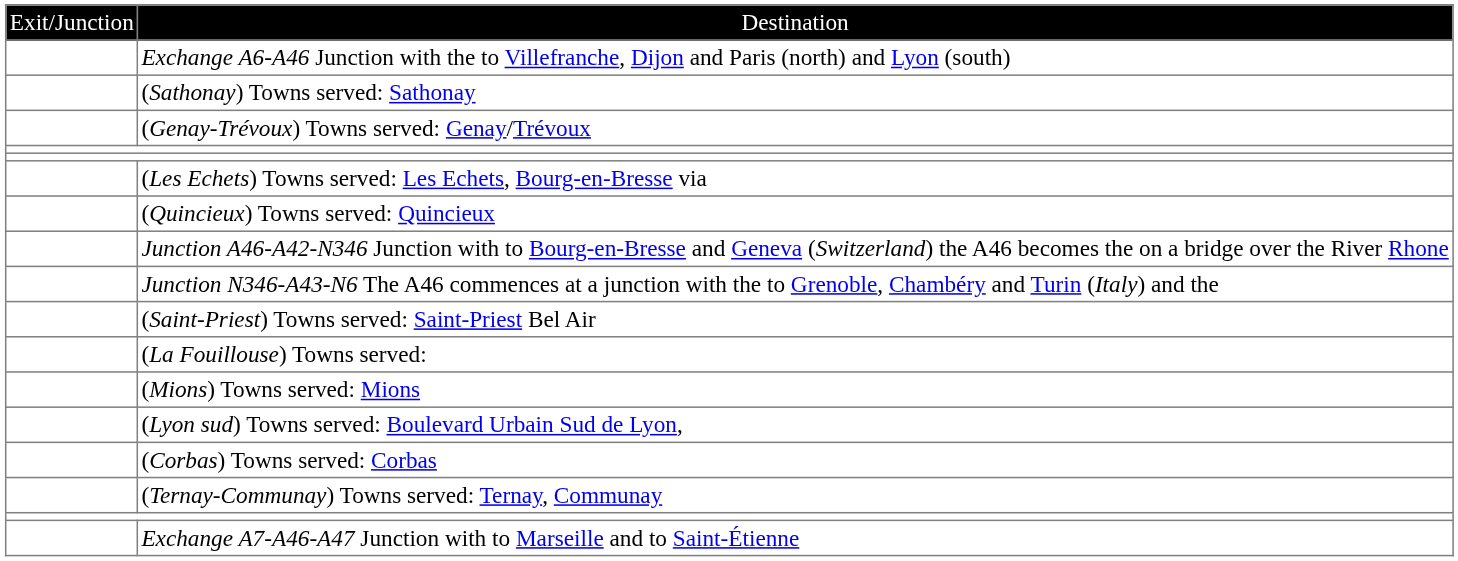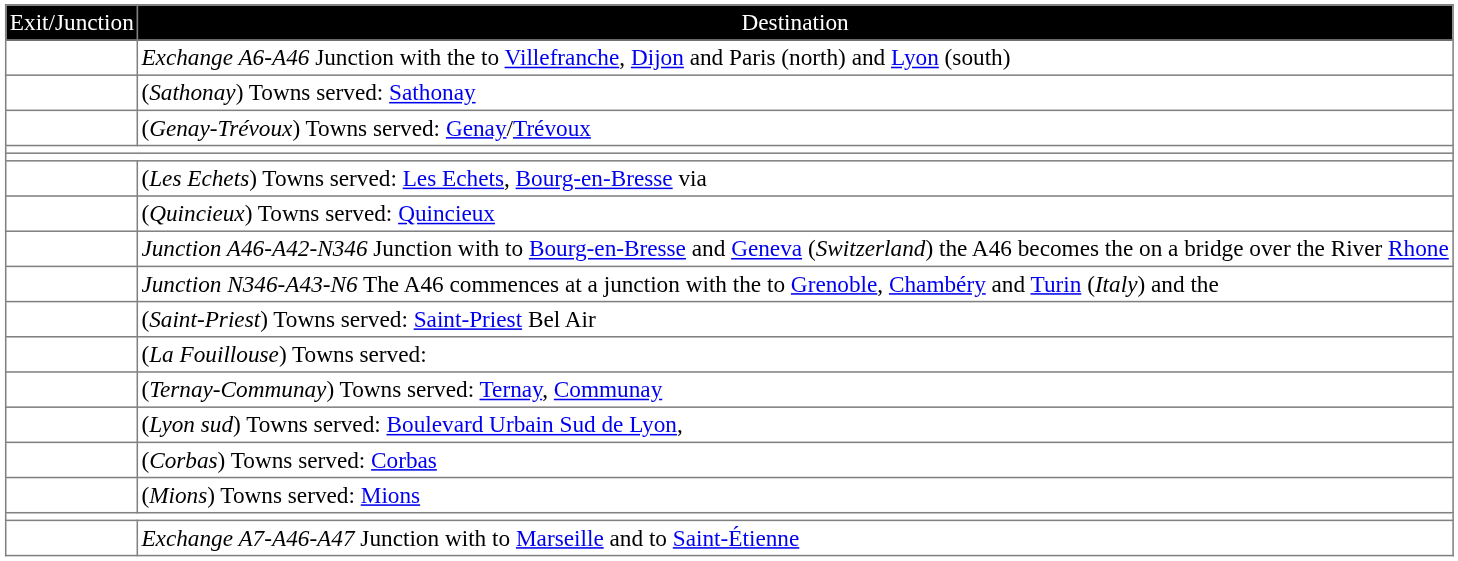 <table border=1 cellpadding=2 style="margin-left:1em; margin-bottom: 1em; color: black; border-collapse: collapse; font-size: 95%;">
 <tr align="center" bgcolor="000000" style="color: white">
 <td>Exit/Junction</td>
 <td>Destination</td>
 </tr>
 <tr>
 <td> </td>
 <td><em>Exchange A6-A46</em> Junction with the <em></em> to <a href='#'>Villefranche</a>, <a href='#'>Dijon</a> and Paris (north) and <a href='#'>Lyon</a> (south)</td>
 </tr>
 <tr>
 <td></td>
 <td>(<em>Sathonay</em>) Towns served: <a href='#'>Sathonay</a></td>
 </tr>
 <tr>
 <td></td>
 <td>(<em>Genay-Trévoux</em>) Towns served: <a href='#'>Genay</a>/<a href='#'>Trévoux</a></td>
 </tr>
 <tr>
 <td colspan="2"></td>
 </tr>
 <tr>
 <td colspan="2"></td>
 </tr>
 <tr>
 <td></td>
 <td>(<em>Les Echets</em>) Towns served: <a href='#'>Les Echets</a>, <a href='#'>Bourg-en-Bresse</a> via <em></em></td>
 </tr>
 <tr>
 <td></td>
 <td>(<em>Quincieux</em>) Towns served: <a href='#'>Quincieux</a></td>
 </tr>
 <tr>
 <td></td>
 <td><em>Junction A46-A42-N346</em> Junction with <em></em> to <a href='#'>Bourg-en-Bresse</a> and <a href='#'>Geneva</a> (<em>Switzerland</em>) the A46 becomes the <em></em> on a bridge over the River <a href='#'>Rhone</a></td>
 </tr>
 <tr>
 <td></td>
 <td><em>Junction N346-A43-N6</em> The A46 commences at a junction with the <em></em> to <a href='#'>Grenoble</a>, <a href='#'>Chambéry</a> and <a href='#'>Turin</a> (<em>Italy</em>) and the <em></em></td>
 </tr>
 <tr>
 <td></td>
 <td>(<em>Saint-Priest</em>) Towns served: <a href='#'>Saint-Priest</a> Bel Air</td>
 </tr>
 <tr>
 <td></td>
 <td>(<em>La Fouillouse</em>) Towns served:</td>
 </tr>
 <tr>
 <td></td>
-<td>(<em>Mions</em>) Towns served: <a href='#'>Mions</a></td>
+<td>(<em>Ternay-Communay</em>) Towns served: <a href='#'>Ternay</a>, <a href='#'>Communay</a></td>
 </tr>
 <tr>
 <td></td>
 <td>(<em>Lyon sud</em>) Towns served: <a href='#'>Boulevard Urbain Sud de Lyon</a>, <em></em></td>
 </tr>
 <tr>
 <td></td>
 <td>(<em>Corbas</em>) Towns served: <a href='#'>Corbas</a></td>
 </tr>
 <tr>
 <td></td>
-<td>(<em>Ternay-Communay</em>) Towns served: <a href='#'>Ternay</a>, <a href='#'>Communay</a></td>
+<td>(<em>Mions</em>) Towns served: <a href='#'>Mions</a></td>
 </tr>
 <tr>
 <td colspan="2"></td>
 </tr>
 <tr>
 <td></td>
 <td><em>Exchange A7-A46-A47</em> Junction with <em></em> to <a href='#'>Marseille</a> and <em></em> to <a href='#'>Saint-Étienne</a></td>
 </tr>
 </table>
